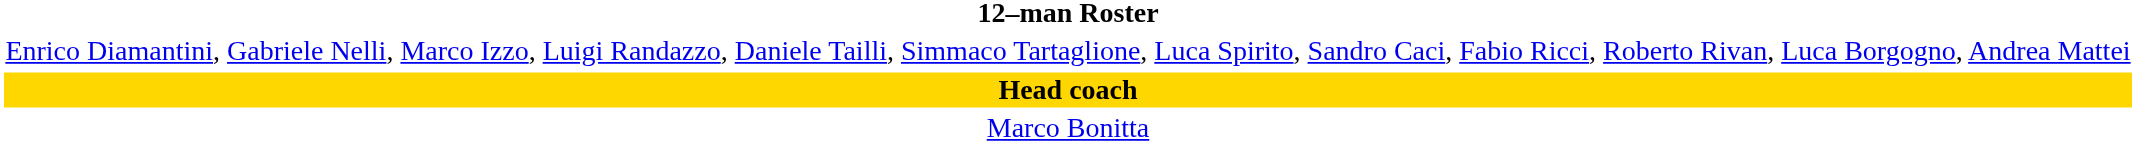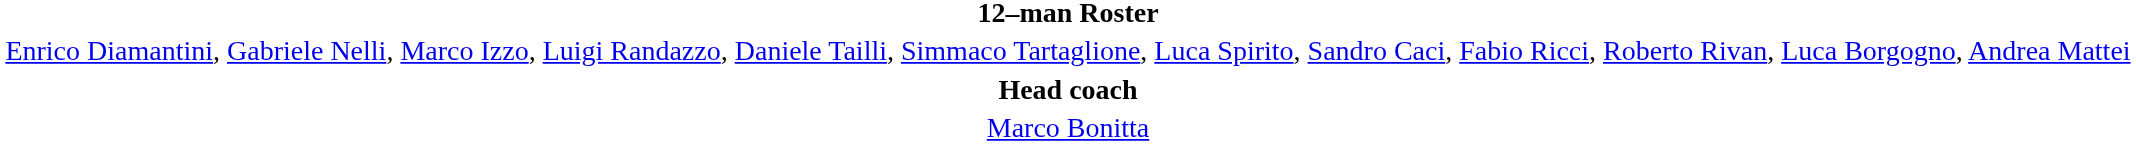 <table style="text-align: center; margin-top: 2em; margin-left: auto; margin-right: auto">
 <tr>
 <td><strong>12–man Roster</strong></td>
 </tr>
 <tr>
 <td><a href='#'>Enrico Diamantini</a>, <a href='#'>Gabriele Nelli</a>, <a href='#'>Marco Izzo</a>, <a href='#'>Luigi Randazzo</a>, <a href='#'>Daniele Tailli</a>, <a href='#'>Simmaco Tartaglione</a>, <a href='#'>Luca Spirito</a>, <a href='#'>Sandro Caci</a>, <a href='#'>Fabio Ricci</a>, <a href='#'>Roberto Rivan</a>, <a href='#'>Luca Borgogno</a>, <a href='#'>Andrea Mattei</a></td>
 </tr>
 <tr>
-<td style="background: gold;"><strong>Head coach</strong></td>
+<td><strong>Head coach</strong></td>
 </tr>
 <tr>
 <td><a href='#'>Marco Bonitta</a></td>
 </tr>
 </table>
